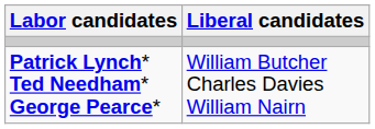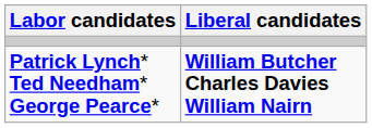 <table class="wikitable">
 <tr>
 <th><a href='#'>Labor</a> candidates</th>
 <th><a href='#'>Liberal</a> candidates</th>
 </tr>
 <tr bgcolor="#cccccc">
 <td></td>
 <td></td>
 </tr>
 <tr>
 <td><strong><a href='#'>Patrick Lynch</a></strong>*<br><strong><a href='#'>Ted Needham</a></strong>*<br><strong><a href='#'>George Pearce</a></strong>*</td>
-<td><a href='#'>William Butcher</a><br>Charles Davies<br><a href='#'>William Nairn</a></td>
+<td><strong><a href='#'>William Butcher</a><br>Charles Davies<br><a href='#'>William Nairn</a></strong></td>
 </tr>
 </table>
